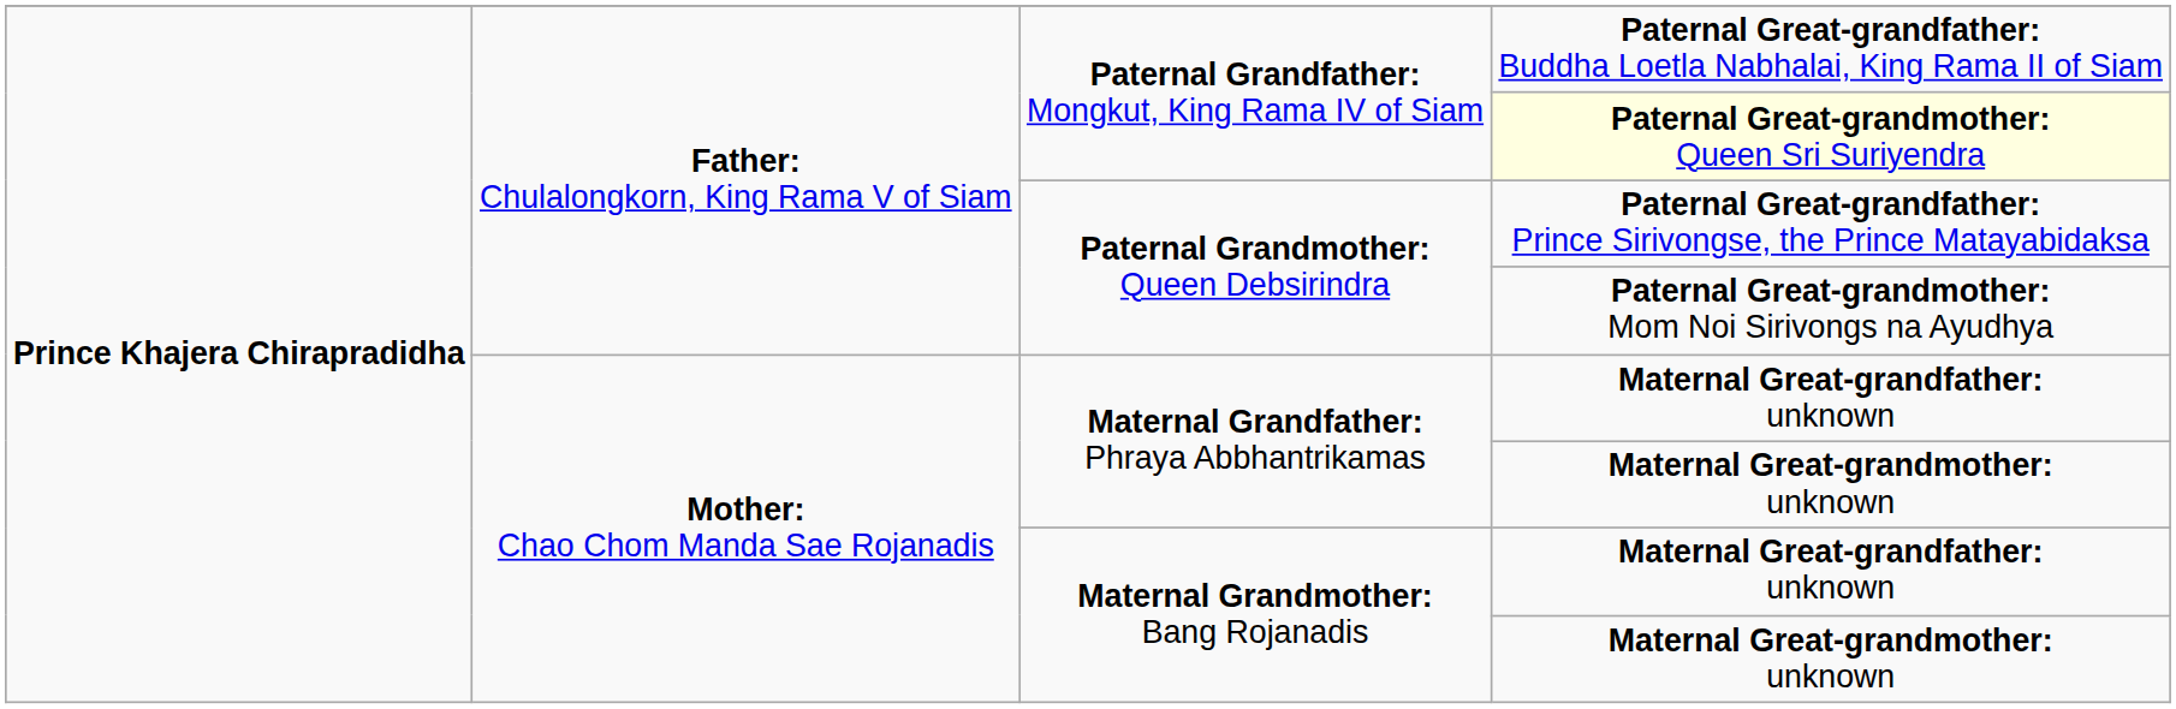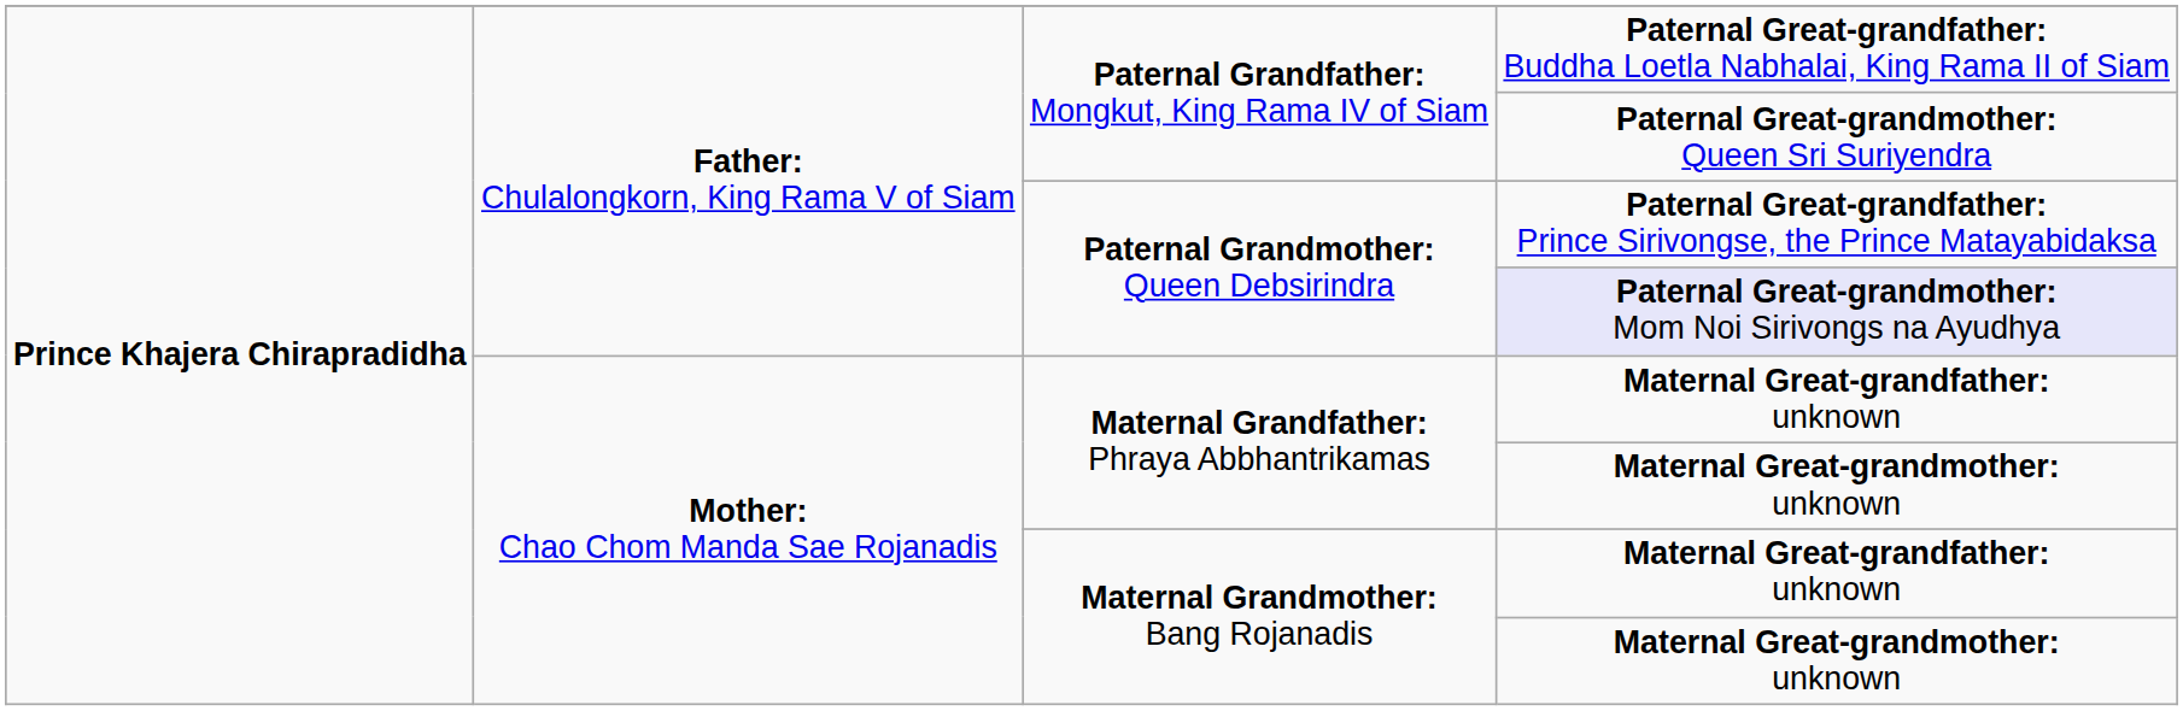 <table class="wikitable">
 <tr>
 </tr>
 <tr>
 <td rowspan="8" align="center"><strong>Prince Khajera Chirapradidha</strong></td>
 <td rowspan="4" align="center"><strong>Father:</strong><br><a href='#'>Chulalongkorn, King Rama V of Siam</a></td>
 <td rowspan="2" align="center"><strong>Paternal Grandfather:</strong><br><a href='#'>Mongkut, King Rama IV of Siam</a></td>
 <td align = "center"><strong>Paternal Great-grandfather:</strong><br><a href='#'>Buddha Loetla Nabhalai, King Rama II of Siam</a></td>
 </tr>
 <tr>
-<td align = "center" style="background: lightyellow;"><strong>Paternal Great-grandmother:</strong><br><a href='#'>Queen Sri Suriyendra</a></td>
+<td align = "center"><strong>Paternal Great-grandmother:</strong><br><a href='#'>Queen Sri Suriyendra</a></td>
 </tr>
 <tr>
 <td rowspan="2" align="center"><strong>Paternal Grandmother:</strong><br><a href='#'>Queen Debsirindra</a></td>
 <td align = "center"><strong>Paternal Great-grandfather:</strong><br><a href='#'>Prince Sirivongse, the Prince Matayabidaksa</a></td>
 </tr>
 <tr>
-<td align = "center"><strong>Paternal Great-grandmother:</strong><br>Mom Noi Sirivongs na Ayudhya</td>
+<td align = "center" style="background: lavender;"><strong>Paternal Great-grandmother:</strong><br>Mom Noi Sirivongs na Ayudhya</td>
 </tr>
 <tr>
 <td rowspan="4" align="center"><strong>Mother:</strong><br><a href='#'>Chao Chom Manda Sae Rojanadis</a></td>
 <td rowspan="2" align="center"><strong>Maternal Grandfather:</strong><br>Phraya Abbhantrikamas</td>
 <td align = "center"><strong>Maternal Great-grandfather:</strong><br>unknown</td>
 </tr>
 <tr>
 <td align = "center"><strong>Maternal Great-grandmother:</strong><br>unknown</td>
 </tr>
 <tr>
 <td rowspan="2" align="center"><strong>Maternal Grandmother:</strong><br>Bang Rojanadis</td>
 <td align = "center"><strong>Maternal Great-grandfather:</strong><br>unknown</td>
 </tr>
 <tr>
 <td align = "center"><strong>Maternal Great-grandmother:</strong><br>unknown</td>
 </tr>
 </table>
